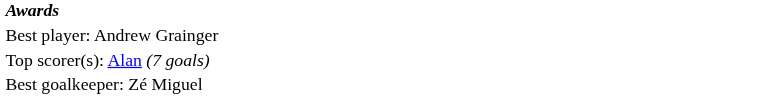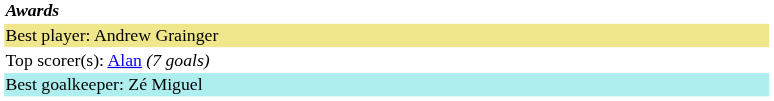 <table width=100% cellspacing=1 style="font-size: 90%;">
 <tr>
 <td><strong><em>Awards</em></strong></td>
 </tr>
 <tr>
-<td>Best player:  Andrew Grainger</td>
+<td style="background: khaki;">Best player:  Andrew Grainger</td>
 </tr>
 <tr>
 <td colspan=4>Top scorer(s):  <a href='#'>Alan</a> <em>(7 goals)</em></td>
 </tr>
 <tr>
-<td>Best goalkeeper:  Zé Miguel</td>
+<td style="background: paleturquoise;">Best goalkeeper:  Zé Miguel</td>
 </tr>
 </table>
